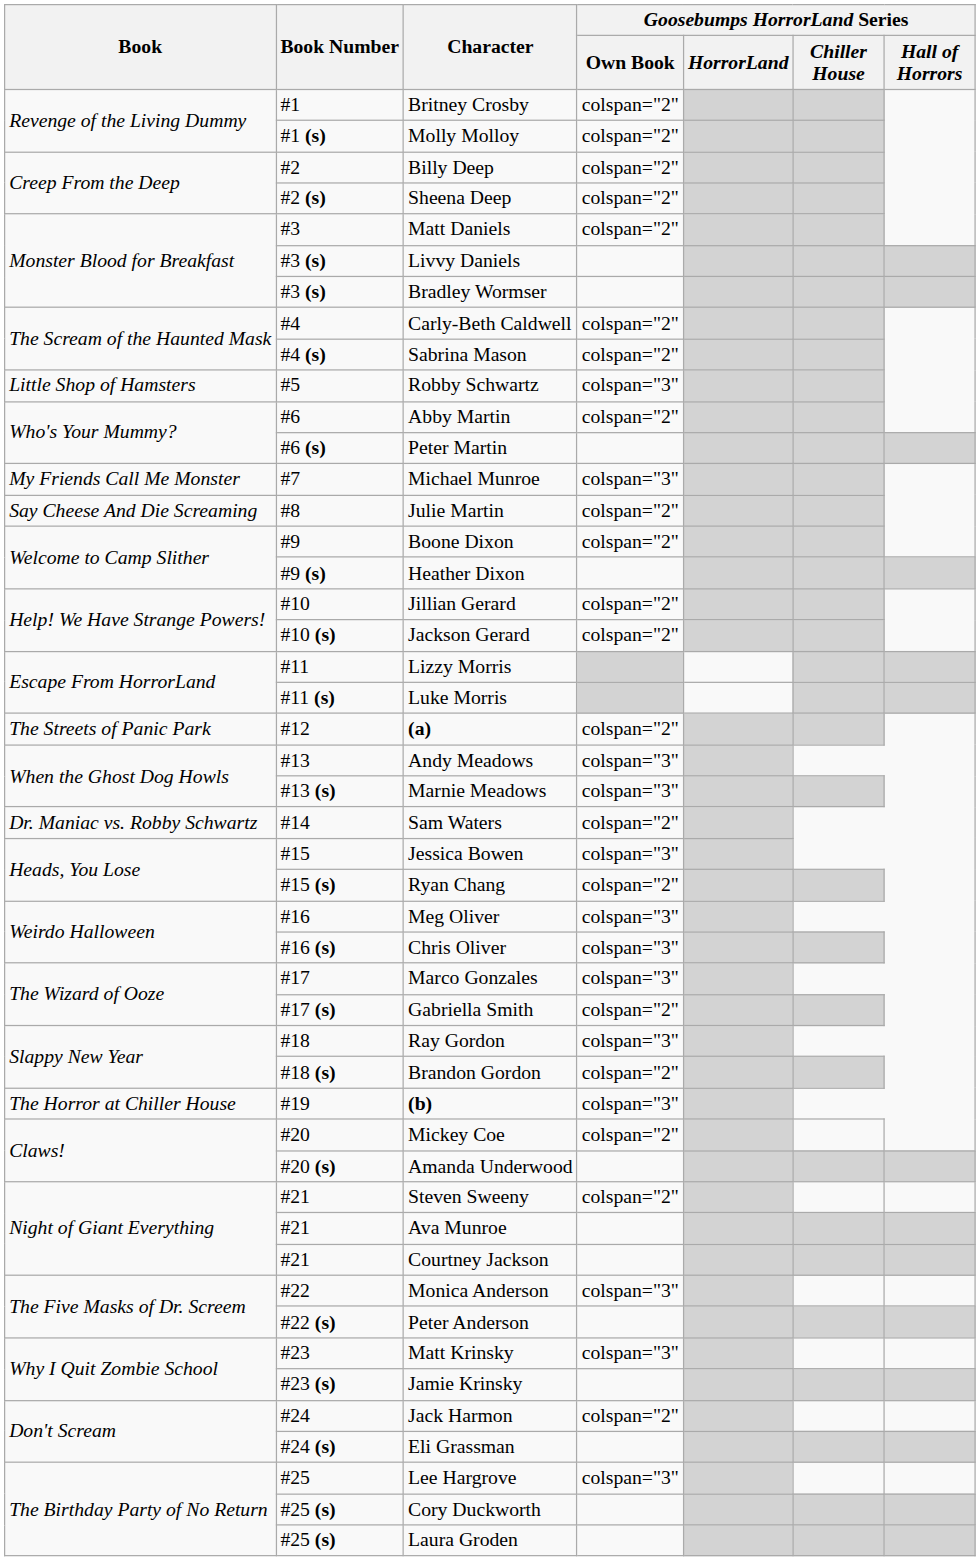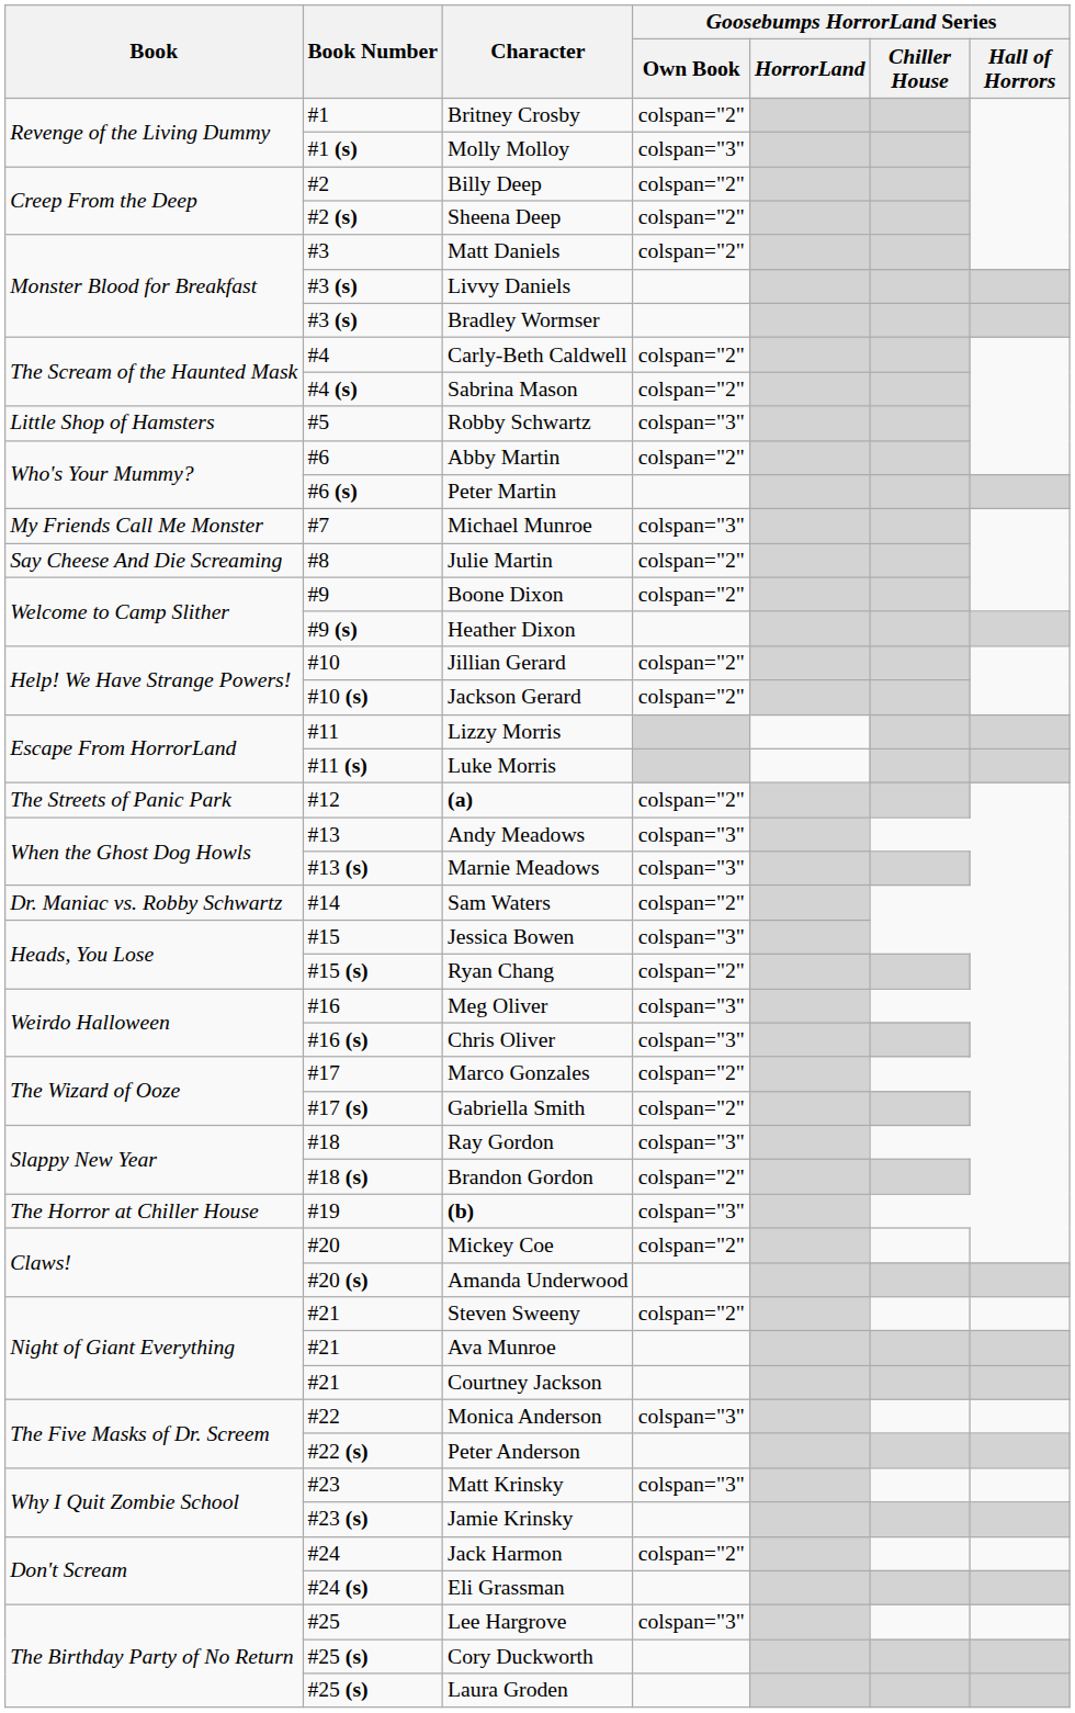 <table class="wikitable">
 <tr>
 <th rowspan="2">Book</th>
 <th rowspan="2">Book Number</th>
 <th rowspan="2">Character</th>
 <th colspan="4"><em>Goosebumps HorrorLand</em> Series</th>
 </tr>
 <tr>
 <th style="width:50pt;">Own Book</th>
 <th style="width:50pt;"><em>HorrorLand</em></th>
 <th style="width:50pt;"><em>Chiller House</em></th>
 <th style="width:50pt;"><em>Hall of Horrors</em></th>
 </tr>
 <tr>
 <td rowspan="2"><em>Revenge of the Living Dummy</em></td>
 <td>#1</td>
 <td>Britney Crosby</td>
 <td>colspan="2" </td>
 <td style="background:lightgrey;"> </td>
 <td style="background:lightgrey;"> </td>
 </tr>
 <tr>
 <td>#1 <strong>(s)</strong></td>
 <td>Molly Molloy</td>
-<td>colspan="2" </td>
+<td>colspan="3" </td>
 <td style="background:lightgrey;"> </td>
 <td style="background:lightgrey;"> </td>
 </tr>
 <tr>
 <td rowspan="2"><em>Creep From the Deep</em></td>
 <td>#2</td>
 <td>Billy Deep</td>
 <td>colspan="2" </td>
 <td style="background:lightgrey;"> </td>
 <td style="background:lightgrey;"> </td>
 </tr>
 <tr>
 <td>#2 <strong>(s)</strong></td>
 <td>Sheena Deep</td>
 <td>colspan="2" </td>
 <td style="background:lightgrey;"> </td>
 <td style="background:lightgrey;"> </td>
 </tr>
 <tr>
 <td rowspan="3"><em>Monster Blood for Breakfast</em></td>
 <td>#3</td>
 <td>Matt Daniels</td>
 <td>colspan="2" </td>
 <td style="background:lightgrey;"> </td>
 <td style="background:lightgrey;"> </td>
 </tr>
 <tr>
 <td>#3 <strong>(s)</strong></td>
 <td>Livvy Daniels</td>
 <td></td>
 <td style="background:lightgrey;"> </td>
 <td style="background:lightgrey;"> </td>
 <td style="background:lightgrey;"> </td>
 </tr>
 <tr>
 <td>#3 <strong>(s)</strong></td>
 <td>Bradley Wormser</td>
 <td></td>
 <td style="background:lightgrey;"> </td>
 <td style="background:lightgrey;"> </td>
 <td style="background:lightgrey;"> </td>
 </tr>
 <tr>
 <td rowspan="2"><em>The Scream of the Haunted Mask</em></td>
 <td>#4</td>
 <td>Carly-Beth Caldwell</td>
 <td>colspan="2" </td>
 <td style="background:lightgrey;"> </td>
 <td style="background:lightgrey;"> </td>
 </tr>
 <tr>
 <td>#4 <strong>(s)</strong></td>
 <td>Sabrina Mason</td>
 <td>colspan="2" </td>
 <td style="background:lightgrey;"> </td>
 <td style="background:lightgrey;"> </td>
 </tr>
 <tr>
 <td><em>Little Shop of Hamsters</em></td>
 <td>#5</td>
 <td>Robby Schwartz</td>
 <td>colspan="3" </td>
 <td style="background:lightgrey;"> </td>
 <td style="background:lightgrey;"> </td>
 </tr>
 <tr>
 <td rowspan="2"><em>Who's Your Mummy?</em></td>
 <td>#6</td>
 <td>Abby Martin</td>
 <td>colspan="2" </td>
 <td style="background:lightgrey;"> </td>
 <td style="background:lightgrey;"> </td>
 </tr>
 <tr>
 <td>#6 <strong>(s)</strong></td>
 <td>Peter Martin</td>
 <td></td>
 <td style="background:lightgrey;"> </td>
 <td style="background:lightgrey;"> </td>
 <td style="background:lightgrey;"> </td>
 </tr>
 <tr>
 <td><em>My Friends Call Me Monster</em></td>
 <td>#7</td>
 <td>Michael Munroe</td>
 <td>colspan="3" </td>
 <td style="background:lightgrey;"> </td>
 <td style="background:lightgrey;"> </td>
 </tr>
 <tr>
 <td><em>Say Cheese And Die Screaming</em></td>
 <td>#8</td>
 <td>Julie Martin</td>
 <td>colspan="2" </td>
 <td style="background:lightgrey;"> </td>
 <td style="background:lightgrey;"> </td>
 </tr>
 <tr>
 <td rowspan="2"><em>Welcome to Camp Slither</em></td>
 <td>#9</td>
 <td>Boone Dixon</td>
 <td>colspan="2" </td>
 <td style="background:lightgrey;"> </td>
 <td style="background:lightgrey;"> </td>
 </tr>
 <tr>
 <td>#9 <strong>(s)</strong></td>
 <td>Heather Dixon</td>
 <td></td>
 <td style="background:lightgrey;"> </td>
 <td style="background:lightgrey;"> </td>
 <td style="background:lightgrey;"> </td>
 </tr>
 <tr>
 <td rowspan="2"><em>Help! We Have Strange Powers!</em></td>
 <td>#10</td>
 <td>Jillian Gerard</td>
 <td>colspan="2" </td>
 <td style="background:lightgrey;"> </td>
 <td style="background:lightgrey;"> </td>
 </tr>
 <tr>
 <td>#10 <strong>(s)</strong></td>
 <td>Jackson Gerard</td>
 <td>colspan="2" </td>
 <td style="background:lightgrey;"> </td>
 <td style="background:lightgrey;"> </td>
 </tr>
 <tr>
 <td rowspan="2"><em>Escape From HorrorLand</em></td>
 <td>#11</td>
 <td>Lizzy Morris</td>
 <td style="background:lightgrey;"> </td>
 <td></td>
 <td style="background:lightgrey;"> </td>
 <td style="background:lightgrey;"> </td>
 </tr>
 <tr>
 <td>#11 <strong>(s)</strong></td>
 <td>Luke Morris</td>
 <td style="background:lightgrey;"> </td>
 <td></td>
 <td style="background:lightgrey;"> </td>
 <td style="background:lightgrey;"> </td>
 </tr>
 <tr>
 <td><em>The Streets of Panic Park</em></td>
 <td>#12</td>
 <td><strong>(a)</strong></td>
 <td>colspan="2" </td>
 <td style="background:lightgrey;"> </td>
 <td style="background:lightgrey;"> </td>
 </tr>
 <tr>
 <td rowspan="2"><em>When the Ghost Dog Howls</em></td>
 <td>#13</td>
 <td>Andy Meadows</td>
 <td>colspan="3" </td>
 <td style="background:lightgrey;"> </td>
 </tr>
 <tr>
 <td>#13 <strong>(s)</strong></td>
 <td>Marnie Meadows</td>
 <td>colspan="3" </td>
 <td style="background:lightgrey;"> </td>
 <td style="background:lightgrey;"> </td>
 </tr>
 <tr>
 <td><em>Dr. Maniac vs. Robby Schwartz</em></td>
 <td>#14</td>
 <td>Sam Waters</td>
 <td>colspan="2" </td>
 <td style="background:lightgrey;"> </td>
 </tr>
 <tr>
 <td rowspan="2"><em>Heads, You Lose</em></td>
 <td>#15</td>
 <td>Jessica Bowen</td>
 <td>colspan="3" </td>
 <td style="background:lightgrey;"> </td>
 </tr>
 <tr>
 <td>#15 <strong>(s)</strong></td>
 <td>Ryan Chang</td>
 <td>colspan="2" </td>
 <td style="background:lightgrey;"> </td>
 <td style="background:lightgrey;"> </td>
 </tr>
 <tr>
 <td rowspan="2"><em>Weirdo Halloween</em></td>
 <td>#16</td>
 <td>Meg Oliver</td>
 <td>colspan="3" </td>
 <td style="background:lightgrey;"> </td>
 </tr>
 <tr>
 <td>#16 <strong>(s)</strong></td>
 <td>Chris Oliver</td>
 <td>colspan="3" </td>
 <td style="background:lightgrey;"> </td>
 <td style="background:lightgrey;"> </td>
 </tr>
 <tr>
 <td rowspan="2"><em>The Wizard of Ooze</em></td>
 <td>#17</td>
 <td>Marco Gonzales</td>
-<td>colspan="3" </td>
+<td>colspan="2" </td>
 <td style="background:lightgrey;"> </td>
 </tr>
 <tr>
 <td>#17 <strong>(s)</strong></td>
 <td>Gabriella Smith</td>
 <td>colspan="2" </td>
 <td style="background:lightgrey;"> </td>
 <td style="background:lightgrey;"> </td>
 </tr>
 <tr>
 <td rowspan="2"><em>Slappy New Year</em></td>
 <td>#18</td>
 <td>Ray Gordon</td>
 <td>colspan="3" </td>
 <td style="background:lightgrey;"> </td>
 </tr>
 <tr>
 <td>#18 <strong>(s)</strong></td>
 <td>Brandon Gordon</td>
 <td>colspan="2" </td>
 <td style="background:lightgrey;"> </td>
 <td style="background:lightgrey;"> </td>
 </tr>
 <tr>
 <td><em>The Horror at Chiller House</em></td>
 <td>#19</td>
 <td><strong>(b)</strong></td>
 <td>colspan="3" </td>
 <td style="background:lightgrey;"> </td>
 </tr>
 <tr>
 <td rowspan="2"><em>Claws!</em></td>
 <td>#20</td>
 <td>Mickey Coe</td>
 <td>colspan="2" </td>
 <td style="background:lightgrey;"> </td>
 <td></td>
 </tr>
 <tr>
 <td>#20 <strong>(s)</strong></td>
 <td>Amanda Underwood</td>
 <td></td>
 <td style="background:lightgrey;"> </td>
 <td style="background:lightgrey;"> </td>
 <td style="background:lightgrey;"> </td>
 </tr>
 <tr>
 <td rowspan="3"><em>Night of Giant Everything</em></td>
 <td>#21</td>
 <td>Steven Sweeny</td>
 <td>colspan="2" </td>
 <td style="background:lightgrey;"> </td>
 <td></td>
 </tr>
 <tr>
 <td>#21</td>
 <td>Ava Munroe</td>
 <td></td>
 <td style="background:lightgrey;"> </td>
 <td style="background:lightgrey;"> </td>
 <td style="background:lightgrey;"> </td>
 </tr>
 <tr>
 <td>#21</td>
 <td>Courtney Jackson</td>
 <td></td>
 <td style="background:lightgrey;"> </td>
 <td style="background:lightgrey;"> </td>
 <td style="background:lightgrey;"> </td>
 </tr>
 <tr>
 <td rowspan="2"><em>The Five Masks of Dr. Screem</em></td>
 <td>#22</td>
 <td>Monica Anderson</td>
 <td>colspan="3" </td>
 <td style="background:lightgrey;"> </td>
 <td></td>
 </tr>
 <tr>
 <td>#22 <strong>(s)</strong></td>
 <td>Peter Anderson</td>
 <td></td>
 <td style="background:lightgrey;"> </td>
 <td style="background:lightgrey;"> </td>
 <td style="background:lightgrey;"> </td>
 </tr>
 <tr>
 <td rowspan="2"><em>Why I Quit Zombie School</em></td>
 <td>#23</td>
 <td>Matt Krinsky</td>
 <td>colspan="3" </td>
 <td style="background:lightgrey;"> </td>
 <td></td>
 </tr>
 <tr>
 <td>#23 <strong>(s)</strong></td>
 <td>Jamie Krinsky</td>
 <td></td>
 <td style="background:lightgrey;"> </td>
 <td style="background:lightgrey;"> </td>
 <td style="background:lightgrey;"> </td>
 </tr>
 <tr>
 <td rowspan="2"><em>Don't Scream</em></td>
 <td>#24</td>
 <td>Jack Harmon</td>
 <td>colspan="2" </td>
 <td style="background:lightgrey;"> </td>
 <td></td>
 </tr>
 <tr>
 <td>#24 <strong>(s)</strong></td>
 <td>Eli Grassman</td>
 <td></td>
 <td style="background:lightgrey;"> </td>
 <td style="background:lightgrey;"> </td>
 <td style="background:lightgrey;"> </td>
 </tr>
 <tr>
 <td rowspan="3"><em>The Birthday Party of No Return</em></td>
 <td>#25</td>
 <td>Lee Hargrove</td>
 <td>colspan="3" </td>
 <td style="background:lightgrey;"> </td>
 <td></td>
 </tr>
 <tr>
 <td>#25 <strong>(s)</strong></td>
 <td>Cory Duckworth</td>
 <td></td>
 <td style="background:lightgrey;"> </td>
 <td style="background:lightgrey;"> </td>
 <td style="background:lightgrey;"> </td>
 </tr>
 <tr>
 <td>#25 <strong>(s)</strong></td>
 <td>Laura Groden</td>
 <td></td>
 <td style="background:lightgrey;"> </td>
 <td style="background:lightgrey;"> </td>
 <td style="background:lightgrey;"> </td>
 </tr>
 </table>
